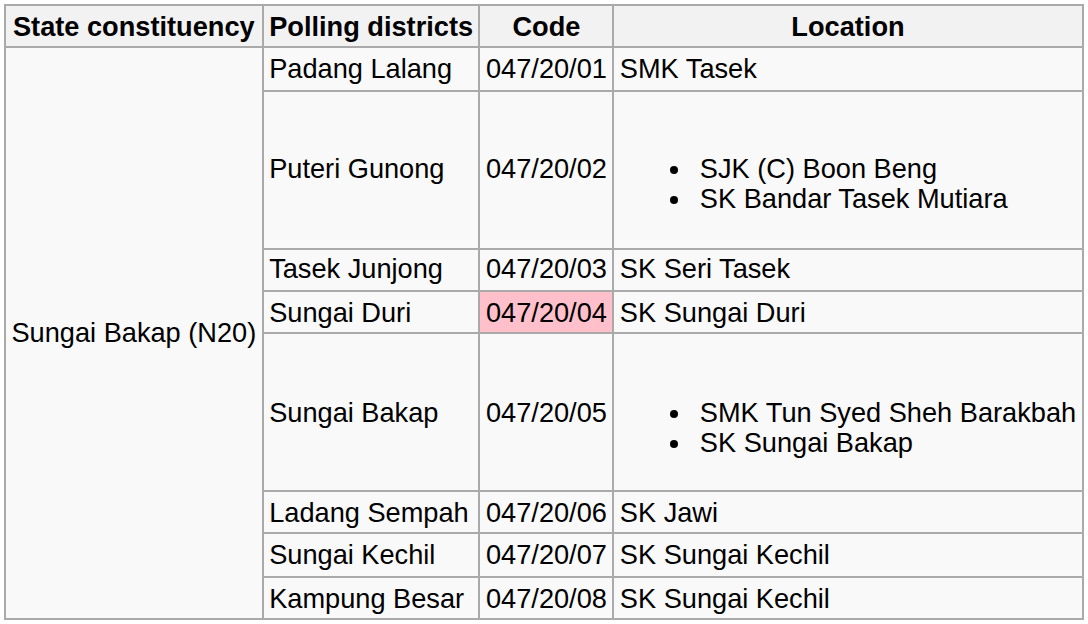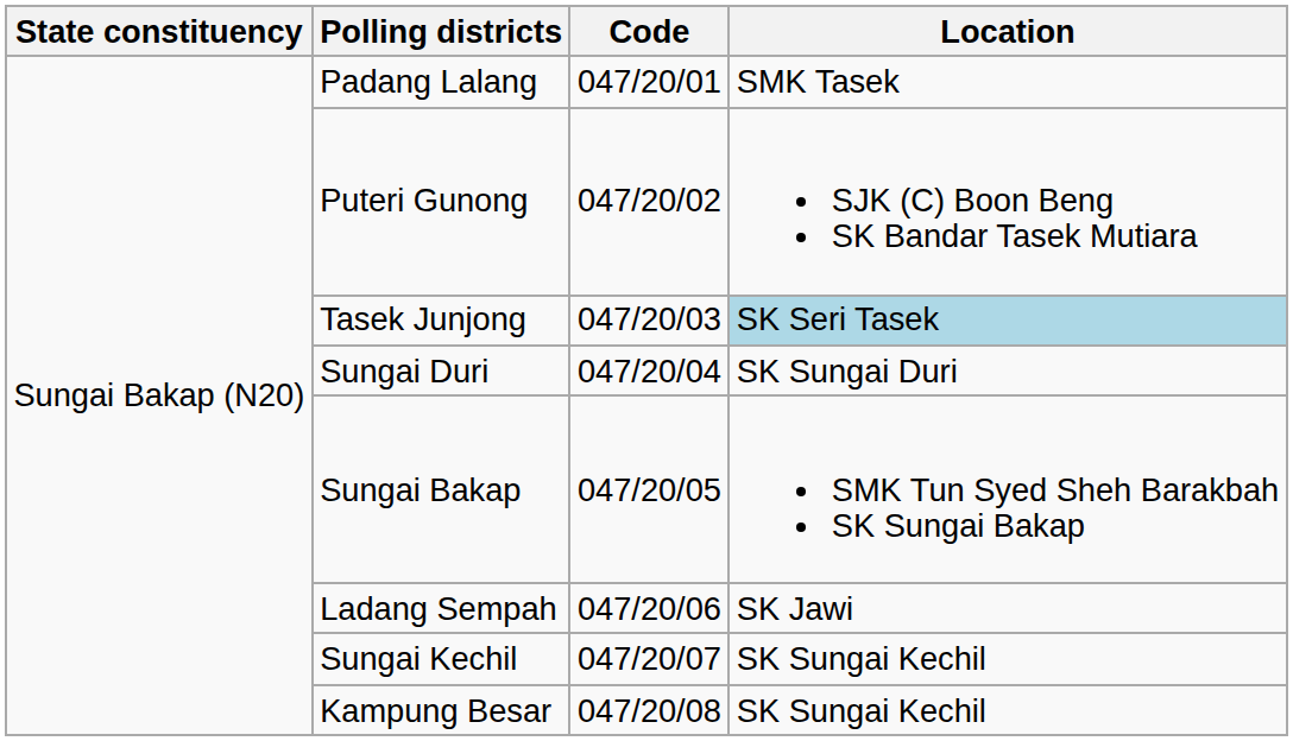 <table class="wikitable sortable mw-collapsible" style="white-space:nowrap;font-size:85%">
 <tr>
 <th>State constituency</th>
 <th>Polling districts</th>
 <th>Code</th>
 <th>Location</th>
 </tr>
 <tr>
 <td rowspan="8">Sungai Bakap (N20)</td>
 <td>Padang Lalang</td>
 <td>047/20/01</td>
 <td>SMK Tasek</td>
 </tr>
 <tr>
 <td>Puteri Gunong</td>
 <td>047/20/02</td>
 <td><br><ul><li>SJK (C) Boon Beng</li><li>SK Bandar Tasek Mutiara</li></ul></td>
 </tr>
 <tr>
 <td>Tasek Junjong</td>
 <td>047/20/03</td>
-<td>SK Seri Tasek</td>
+<td style="background: lightblue;">SK Seri Tasek</td>
 </tr>
 <tr>
 <td>Sungai Duri</td>
-<td style="background: pink;">047/20/04</td>
+<td>047/20/04</td>
 <td>SK Sungai Duri</td>
 </tr>
 <tr>
 <td>Sungai Bakap</td>
 <td>047/20/05</td>
 <td><br><ul><li>SMK Tun Syed Sheh Barakbah</li><li>SK Sungai Bakap</li></ul></td>
 </tr>
 <tr>
 <td>Ladang Sempah</td>
 <td>047/20/06</td>
 <td>SK Jawi</td>
 </tr>
 <tr>
 <td>Sungai Kechil</td>
 <td>047/20/07</td>
 <td>SK Sungai Kechil</td>
 </tr>
 <tr>
 <td>Kampung Besar</td>
 <td>047/20/08</td>
 <td>SK Sungai Kechil</td>
 </tr>
 </table>
